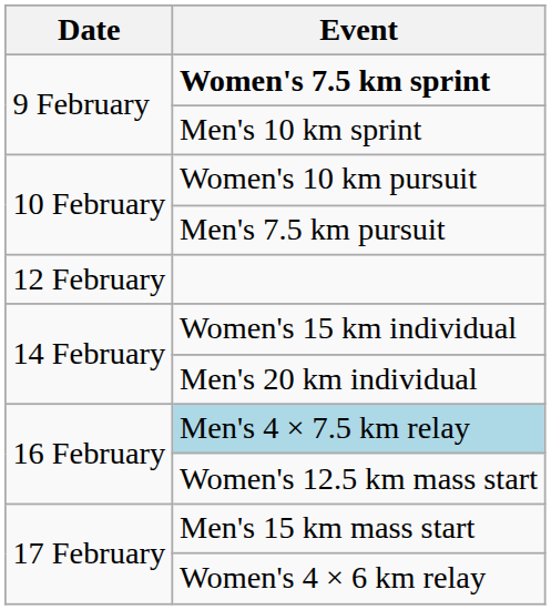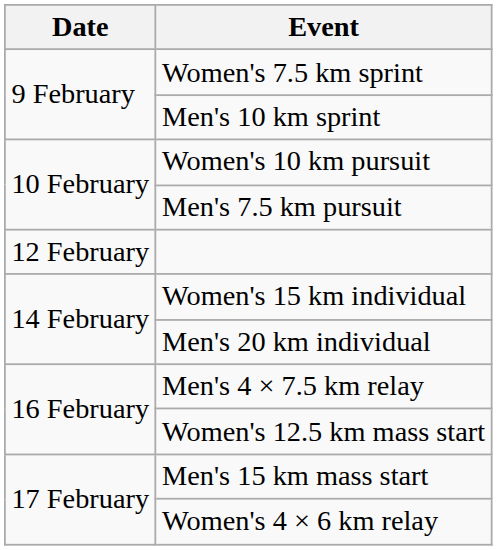 <table class="wikitable">
 <tr>
 <th>Date</th>
 <th>Event</th>
 </tr>
 <tr>
 <td rowspan="2">9 February</td>
-<td><strong>Women's 7.5 km sprint</strong></td>
+<td>Women's 7.5 km sprint</td>
 </tr>
 <tr>
 <td>Men's 10 km sprint</td>
 </tr>
 <tr>
 <td rowspan="2">10 February</td>
 <td>Women's 10 km pursuit</td>
 </tr>
 <tr>
 <td>Men's 7.5 km pursuit</td>
 </tr>
 <tr>
 <td>12 February</td>
 <td></td>
 </tr>
 <tr>
 <td rowspan="2">14 February</td>
 <td>Women's 15 km individual</td>
 </tr>
 <tr>
 <td>Men's 20 km individual</td>
 </tr>
 <tr>
 <td rowspan="2">16 February</td>
-<td style="background: lightblue;">Men's 4 × 7.5 km relay</td>
+<td>Men's 4 × 7.5 km relay</td>
 </tr>
 <tr>
 <td>Women's 12.5 km mass start</td>
 </tr>
 <tr>
 <td rowspan="2">17 February</td>
 <td>Men's 15 km mass start</td>
 </tr>
 <tr>
 <td>Women's 4 × 6 km relay</td>
 </tr>
 </table>
